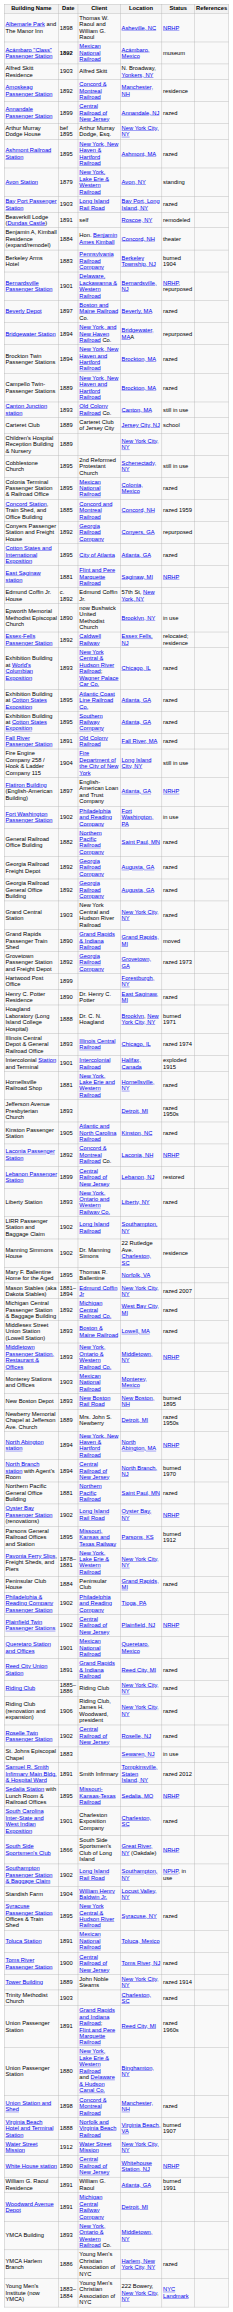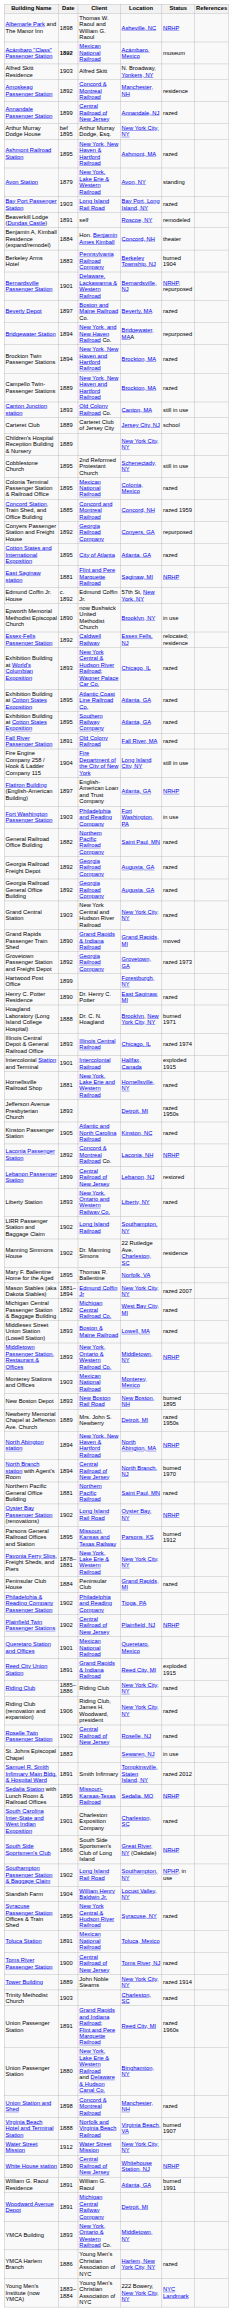 <table class="sortable wikitable" style="width:100%;">
 <tr>
 <th>Building Name</th>
 <th>Date</th>
 <th>Client</th>
 <th>Location</th>
 <th>Status</th>
 <th>References</th>
 </tr>
 <tr>
 <td><a href='#'>Albemarle Park</a> and The Manor Inn</td>
 <td>1898</td>
 <td>Thomas W. Raoul and William G. Raoul</td>
 <td><a href='#'>Asheville, NC</a></td>
 <td><a href='#'>NRHP</a></td>
 <td></td>
 </tr>
 <tr>
 <td><a href='#'>Acámbaro "Class" Passenger Station</a></td>
 <td><strong>1892</strong></td>
 <td><a href='#'>Mexican National Railroad</a></td>
 <td><a href='#'>Acámbaro, Mexico</a></td>
 <td>museum</td>
 <td></td>
 </tr>
 <tr>
 <td>Alfred Skitt Residence</td>
 <td>1903</td>
 <td>Alfred Skitt</td>
 <td>N. Broadway, <a href='#'>Yonkers, NY</a></td>
 <td></td>
 <td></td>
 </tr>
 <tr>
 <td><a href='#'>Amoskeag Passenger Station</a></td>
 <td>1892</td>
 <td><a href='#'>Concord & Montreal Railroad</a></td>
 <td><a href='#'>Manchester, NH</a></td>
 <td>residence</td>
 <td></td>
 </tr>
 <tr>
 <td><a href='#'>Annandale Passenger Station</a></td>
 <td>1899</td>
 <td><a href='#'>Central Railroad of New Jersey</a></td>
 <td><a href='#'>Annandale, NJ</a></td>
 <td>razed</td>
 <td></td>
 </tr>
 <tr>
 <td>Arthur Murray Dodge House</td>
 <td>bef 1895</td>
 <td>Arthur Murray Dodge, Esq.</td>
 <td><a href='#'>New York City, NY</a></td>
 <td></td>
 <td></td>
 </tr>
 <tr>
 <td><a href='#'>Ashmont Railroad Station</a></td>
 <td>1895</td>
 <td><a href='#'>New York, New Haven & Hartford Railroad</a></td>
 <td><a href='#'>Ashmont, MA</a></td>
 <td>razed</td>
 <td></td>
 </tr>
 <tr>
 <td><a href='#'>Avon Station</a></td>
 <td>1879</td>
 <td><a href='#'>New York, Lake Erie & Western Railroad</a></td>
 <td><a href='#'>Avon, NY</a></td>
 <td>standing</td>
 <td></td>
 </tr>
 <tr>
 <td><a href='#'>Bay Port Passenger Station</a></td>
 <td>1903</td>
 <td><a href='#'>Long Island Rail Road</a></td>
 <td><a href='#'>Bay Port, Long Island, NY</a></td>
 <td>razed</td>
 <td></td>
 </tr>
 <tr>
 <td>Beaverkill Lodge (<a href='#'>Dundas Castle</a>)</td>
 <td>1891</td>
 <td>self</td>
 <td><a href='#'>Roscoe, NY</a></td>
 <td>remodeled</td>
 <td></td>
 </tr>
 <tr>
 <td>Benjamin A, Kimball Residence (expand/remodel)</td>
 <td>1884</td>
 <td>Hon. <a href='#'>Benjamin Ames Kimball</a></td>
 <td><a href='#'>Concord, NH</a></td>
 <td>theater</td>
 <td></td>
 </tr>
 <tr>
 <td>Berkeley Arms Hotel</td>
 <td>1883</td>
 <td><a href='#'>Pennsylvania Railroad Company</a></td>
 <td><a href='#'>Berkeley Township, NJ</a></td>
 <td>burned 1904</td>
 <td></td>
 </tr>
 <tr>
 <td><a href='#'>Bernardsville Passenger Station</a></td>
 <td>1901</td>
 <td><a href='#'>Delaware, Lackawanna & Western Railroad</a></td>
 <td><a href='#'>Bernardsville, NJ</a></td>
 <td><a href='#'>NRHP</a>, repurposed</td>
 <td></td>
 </tr>
 <tr>
 <td><a href='#'>Beverly Depot</a></td>
 <td>1897</td>
 <td><a href='#'>Boston and Maine Railroad</a> Co.</td>
 <td><a href='#'>Beverly, MA</a></td>
 <td>razed</td>
 <td></td>
 </tr>
 <tr>
 <td><a href='#'>Bridgewater Station</a></td>
 <td>1894</td>
 <td><a href='#'>New York, and New Haven Railroad</a> Co.</td>
 <td><a href='#'>Bridgewater, MA</a>A</td>
 <td>repurposed</td>
 <td></td>
 </tr>
 <tr>
 <td>Brockton Twin Passenger Stations</td>
 <td>1894</td>
 <td><a href='#'>New York, New Haven and Hartford Railroad</a></td>
 <td><a href='#'>Brockton, MA</a></td>
 <td>razed</td>
 <td></td>
 </tr>
 <tr>
 <td>Campello Twin-Passenger Stations</td>
 <td>1889</td>
 <td><a href='#'>New York, New Haven and Hartford Railroad</a></td>
 <td><a href='#'>Brockton, MA</a></td>
 <td>razed</td>
 <td></td>
 </tr>
 <tr>
 <td><a href='#'>Canton Junction station</a></td>
 <td>1893</td>
 <td><a href='#'>Old Colony Railroad</a> Co.</td>
 <td><a href='#'>Canton, MA</a></td>
 <td>still in use</td>
 <td></td>
 </tr>
 <tr>
 <td>Carteret Club</td>
 <td>1889</td>
 <td>Carteret Club of Jersey City</td>
 <td><a href='#'>Jersey City, NJ</a></td>
 <td>school</td>
 <td></td>
 </tr>
 <tr>
 <td>Children's Hospital Reception Building & Nursery</td>
 <td>1889</td>
 <td></td>
 <td><a href='#'>New York City, NY</a></td>
 <td></td>
 <td></td>
 </tr>
 <tr>
 <td>Cobblestone Church</td>
 <td>1895</td>
 <td>2nd Reformed Protestant Church</td>
 <td><a href='#'>Schenectady, NY</a></td>
 <td>still in use</td>
 <td></td>
 </tr>
 <tr>
 <td>Colonia Terminal Passenger Station & Railroad Office</td>
 <td>1895</td>
 <td><a href='#'>Mexican National Railroad</a></td>
 <td><a href='#'>Colonia, Mexico</a></td>
 <td>razed</td>
 <td></td>
 </tr>
 <tr>
 <td><a href='#'>Concord Station</a>, Train Shed, and Office Building</td>
 <td>1885</td>
 <td><a href='#'>Concord and Montreal Railroad</a></td>
 <td><a href='#'>Concord, NH</a></td>
 <td>razed 1959</td>
 <td></td>
 </tr>
 <tr>
 <td>Conyers Passenger Station and Freight House</td>
 <td>1892</td>
 <td><a href='#'>Georgia Railroad Company</a></td>
 <td><a href='#'>Conyers, GA</a></td>
 <td>repurposed</td>
 <td></td>
 </tr>
 <tr>
 <td><a href='#'>Cotton States and International Exposition</a></td>
 <td>1895</td>
 <td><a href='#'>City of Atlanta</a></td>
 <td><a href='#'>Atlanta, GA</a></td>
 <td>razed</td>
 <td></td>
 </tr>
 <tr>
 <td><a href='#'>East Saginaw station</a></td>
 <td>1881</td>
 <td><a href='#'>Flint and Pere Marquette Railroad</a></td>
 <td><a href='#'>Saginaw, MI</a></td>
 <td><a href='#'>NRHP</a></td>
 <td></td>
 </tr>
 <tr>
 <td>Edmund Coffin Jr. House</td>
 <td>c. 1892</td>
 <td>Edmund Coffin Jr.</td>
 <td>57th St, <a href='#'>New York, NY</a></td>
 <td></td>
 <td></td>
 </tr>
 <tr>
 <td>Epworth Memorial Methodist Episcopal Church</td>
 <td>1890</td>
 <td>now Bushwick United Methodist Church</td>
 <td><a href='#'>Brooklyn, NY</a></td>
 <td>in use</td>
 <td></td>
 </tr>
 <tr>
 <td><a href='#'>Essex-Fells Passenger Station</a></td>
 <td>1892</td>
 <td><a href='#'>Caldwell Railway</a></td>
 <td><a href='#'>Essex Fells, NJ</a></td>
 <td>relocated;<br>residence</td>
 <td></td>
 </tr>
 <tr>
 <td>Exhibition Building at <a href='#'>World's Columbian Exposition</a></td>
 <td>1893</td>
 <td><a href='#'>New York Central & Hudson River Railroad</a>;<br><a href='#'>Wagner Palace Car Co.</a></td>
 <td><a href='#'>Chicago, IL</a></td>
 <td>razed</td>
 <td></td>
 </tr>
 <tr>
 <td>Exhibition Building at <a href='#'>Cotton States Exposition</a></td>
 <td>1895</td>
 <td><a href='#'>Atlantic Coast Line Railroad Co.</a></td>
 <td><a href='#'>Atlanta, GA</a></td>
 <td>razed</td>
 <td></td>
 </tr>
 <tr>
 <td>Exhibition Building at <a href='#'>Cotton States Exposition</a></td>
 <td>1895</td>
 <td><a href='#'>Southern Railway Company</a></td>
 <td><a href='#'>Atlanta, GA</a></td>
 <td>razed</td>
 <td></td>
 </tr>
 <tr>
 <td><a href='#'>Fall River Passenger Station</a></td>
 <td>1891</td>
 <td><a href='#'>Old Colony Railroad</a></td>
 <td><a href='#'>Fall River, MA</a></td>
 <td>razed</td>
 <td></td>
 </tr>
 <tr>
 <td>Fire Engine Company 258 / Hook & Ladder<br>Company 115</td>
 <td>1904</td>
 <td><a href='#'>Fire Department of the City of New York</a></td>
 <td><a href='#'>Long Island City, NY</a></td>
 <td>still in use</td>
 <td></td>
 </tr>
 <tr>
 <td><a href='#'>Flatiron Building</a> (English-American Building)</td>
 <td>1897</td>
 <td>English-American Loan and Trust Company</td>
 <td><a href='#'>Atlanta, GA</a></td>
 <td><a href='#'>NRHP</a></td>
 <td></td>
 </tr>
 <tr>
 <td><a href='#'>Fort Washington Passenger Station</a></td>
-<td>1902</td>
+<td>1903</td>
 <td><a href='#'>Philadelphia and Reading Company</a></td>
 <td><a href='#'>Fort Washington, PA</a></td>
 <td>in use</td>
 <td></td>
 </tr>
 <tr>
 <td>General Railroad Office Building</td>
 <td>1882</td>
 <td><a href='#'>Northern Pacific Railroad Company</a></td>
 <td><a href='#'>Saint Paul, MN</a></td>
 <td>razed</td>
 <td></td>
 </tr>
 <tr>
 <td>Georgia Railroad Freight Depot</td>
 <td>1892</td>
 <td><a href='#'>Georgia Railroad Company</a></td>
 <td><a href='#'>Augusta, GA</a></td>
 <td>razed</td>
 <td></td>
 </tr>
 <tr>
 <td>Georgia Railroad General Office Building</td>
 <td>1892</td>
 <td><a href='#'>Georgia Railroad Company</a></td>
 <td><a href='#'>Augusta, GA</a></td>
 <td>razed</td>
 <td></td>
 </tr>
 <tr>
 <td>Grand Central Station</td>
 <td>1903</td>
 <td>New York Central and Hudson River Railroad</td>
 <td><a href='#'>New York City, NY</a></td>
 <td>razed</td>
 <td></td>
 </tr>
 <tr>
 <td>Grand Rapids Passenger Train Shed</td>
 <td>1890</td>
 <td><a href='#'>Grand Rapids & Indiana Railroad</a></td>
 <td><a href='#'>Grand Rapids, MI</a></td>
 <td>moved</td>
 <td></td>
 </tr>
 <tr>
 <td>Grovetown Passenger Station and Freight Depot</td>
 <td>1892</td>
 <td><a href='#'>Georgia Railroad Company</a></td>
 <td><a href='#'>Grovetown, GA</a></td>
 <td>razed 1973</td>
 <td></td>
 </tr>
 <tr>
 <td>Hartwood Post Office</td>
 <td>1899</td>
 <td></td>
 <td><a href='#'>Forestburgh, NY</a></td>
 <td></td>
 <td></td>
 </tr>
 <tr>
 <td>Henry C. Potter Residence</td>
 <td>1890</td>
 <td>Dr. Henry C. Potter</td>
 <td><a href='#'>East Saginaw, MI</a></td>
 <td>razed</td>
 <td></td>
 </tr>
 <tr>
 <td>Hoagland Laboratory (Long Island College Hospital)</td>
 <td>1888</td>
 <td>Dr. C. N. Hoagland</td>
 <td><a href='#'>Brooklyn</a>, <a href='#'>New York City, NY</a></td>
 <td>burned 1971</td>
 <td></td>
 </tr>
 <tr>
 <td>Illinois Central Depot & General Railroad Office</td>
 <td>1893</td>
 <td><a href='#'>Illinois Central Railroad</a></td>
 <td><a href='#'>Chicago, IL</a></td>
 <td>razed 1974</td>
 <td></td>
 </tr>
 <tr>
 <td>Intercolonial <a href='#'>Station</a> and Terminal</td>
 <td>1901</td>
 <td><a href='#'>Intercolonial Railroad</a></td>
 <td><a href='#'>Halifax, Canada</a></td>
 <td>exploded 1915</td>
 <td></td>
 </tr>
 <tr>
 <td>Hornellsville Railroad Shop</td>
 <td>1881</td>
 <td><a href='#'>New York, Lake Erie and Western Railroad</a></td>
 <td><a href='#'>Hornellsville, NY</a></td>
 <td>razed</td>
 <td></td>
 </tr>
 <tr>
 <td>Jefferson Avenue Presbyterian Church</td>
 <td>1893</td>
 <td></td>
 <td><a href='#'>Detroit, MI</a></td>
 <td>razed 1950s</td>
 <td></td>
 </tr>
 <tr>
 <td>Kinston Passenger Station</td>
 <td>1905</td>
 <td><a href='#'>Atlantic and North Carolina Railroad</a></td>
 <td><a href='#'>Kinston, NC</a></td>
 <td>razed</td>
 <td></td>
 </tr>
 <tr>
 <td><a href='#'>Laconia Passenger Station</a></td>
 <td>1892</td>
 <td><a href='#'>Concord & Montreal Railroad</a> Co.</td>
 <td><a href='#'>Laconia, NH</a></td>
 <td><a href='#'>NRHP</a></td>
 <td></td>
 </tr>
 <tr>
 <td><a href='#'>Lebanon Passenger Station</a></td>
 <td>1899</td>
 <td><a href='#'>Central Railroad of New Jersey</a></td>
 <td><a href='#'>Lebanon, NJ</a></td>
 <td>restored</td>
 <td></td>
 </tr>
 <tr>
 <td>Liberty Station</td>
 <td>1893</td>
 <td><a href='#'>New York, Ontario and Western Railway Co.</a></td>
 <td><a href='#'>Liberty, NY</a></td>
 <td>razed</td>
 <td></td>
 </tr>
 <tr>
 <td>LIRR Passenger Station and Baggage Claim</td>
 <td>1902</td>
 <td><a href='#'>Long Island Railroad</a></td>
 <td><a href='#'>Southampton, NY</a></td>
 <td></td>
 <td></td>
 </tr>
 <tr>
 <td>Manning Simmons House</td>
 <td>1902</td>
 <td>Dr. Manning Simons</td>
 <td>22 Rutledge Ave.<br><a href='#'>Charleston, SC</a></td>
 <td>residence</td>
 <td></td>
 </tr>
 <tr>
 <td>Mary F. Ballentine Home for the Aged</td>
 <td>1895</td>
 <td>Thomas R. Ballentine</td>
 <td><a href='#'>Norfolk, VA</a></td>
 <td></td>
 <td></td>
 </tr>
 <tr>
 <td>Mason Stables (aka Dakota Stables)</td>
 <td>1881–<br>1894</td>
 <td><a href='#'>Edmund Coffin Jr</a></td>
 <td><a href='#'>New York City, NY</a></td>
 <td>razed 2007</td>
 <td></td>
 </tr>
 <tr>
 <td>Michigan Central Passenger Station & Baggage Building</td>
 <td>1892</td>
 <td><a href='#'>Michigan Central Railroad Co.</a></td>
 <td><a href='#'>West Bay City, MI</a></td>
 <td>razed</td>
 <td></td>
 </tr>
 <tr>
 <td>Middlesex Street Union Station (Lowell Station)</td>
 <td>1893</td>
 <td><a href='#'>Boston & Maine Railroad</a></td>
 <td><a href='#'>Lowell, MA</a></td>
 <td>razed</td>
 <td></td>
 </tr>
 <tr>
 <td><a href='#'>Middletown Passenger Station, Restaurant & Offices</a></td>
 <td>1893</td>
 <td><a href='#'>New York, Ontario & Western Railroad Co.</a></td>
 <td><a href='#'>Middletown, NY</a></td>
 <td><a href='#'>NRHP</a></td>
 <td></td>
 </tr>
 <tr>
 <td>Monterey Stations and Offices</td>
 <td>1903</td>
 <td><a href='#'>Mexican National Railroad</a></td>
 <td><a href='#'>Monterey, Mexico</a></td>
 <td></td>
 <td></td>
 </tr>
 <tr>
 <td>New Boston Depot</td>
 <td>1893</td>
 <td><a href='#'>New Boston Rail Road</a></td>
 <td><a href='#'>New Boston, NH</a></td>
 <td>burned 1895</td>
 <td></td>
 </tr>
 <tr>
 <td>Newberry Memorial Chapel at Jefferson Ave. Church</td>
 <td>1889</td>
 <td>Mrs. John S. Newberry</td>
 <td><a href='#'>Detroit, MI</a></td>
 <td>razed 1950s</td>
 <td></td>
 </tr>
 <tr>
 <td><a href='#'>North Abington station</a></td>
 <td>1894</td>
 <td><a href='#'>New York, New Haven & Hartford Railroad</a></td>
 <td><a href='#'>North Abington, MA</a></td>
 <td><a href='#'>NRHP</a></td>
 <td></td>
 </tr>
 <tr>
 <td><a href='#'>North Branch station</a> with Agent's Room</td>
 <td>1894</td>
 <td><a href='#'>Central Railroad of New Jersey</a></td>
 <td><a href='#'>North Branch, NJ</a></td>
 <td>burned 1970</td>
 <td></td>
 </tr>
 <tr>
 <td>Northern Pacific General Office Building</td>
 <td>1881</td>
 <td><a href='#'>Northern Pacific Railroad</a></td>
 <td><a href='#'>Saint Paul, MN</a></td>
 <td>razed</td>
 <td></td>
 </tr>
 <tr>
 <td><a href='#'>Oyster Bay Passenger Station</a> (renovations)</td>
 <td>1902</td>
 <td><a href='#'>Long Island Rail Road</a></td>
 <td><a href='#'>Oyster Bay, NY</a></td>
 <td><a href='#'>NRHP</a></td>
 <td></td>
 </tr>
 <tr>
 <td>Parsons General Railroad Offices and Station</td>
 <td>1895</td>
 <td><a href='#'>Missouri, Kansas and Texas Railway</a></td>
 <td><a href='#'>Parsons, KS</a></td>
 <td>burned 1912</td>
 <td></td>
 </tr>
 <tr>
 <td><a href='#'>Pavonia Ferry Slips</a>, Freight Sheds, and Piers</td>
 <td>1878–<br>1881</td>
 <td><a href='#'>New York, Lake Erie & Western Railroad</a></td>
 <td><a href='#'>New York City, NY</a></td>
 <td></td>
 <td></td>
 </tr>
 <tr>
 <td>Peninsular Club House</td>
 <td>1884</td>
 <td>Peninsular Club</td>
 <td><a href='#'>Grand Rapids, MI</a></td>
 <td>razed</td>
 <td></td>
 </tr>
 <tr>
 <td><a href='#'>Philadelphia & Reading Company Passenger Station</a></td>
 <td>1902</td>
 <td><a href='#'>Philadelphia and Reading Company</a></td>
 <td><a href='#'>Tioga, PA</a></td>
 <td></td>
 <td></td>
 </tr>
 <tr>
 <td><a href='#'>Plainfield Twin Passenger Stations</a></td>
 <td>1902</td>
 <td><a href='#'>Central Railroad of New Jersey</a></td>
 <td><a href='#'>Plainfield, NJ</a></td>
 <td><a href='#'>NRHP</a></td>
 <td></td>
 </tr>
 <tr>
 <td><a href='#'>Queretaro Station and Offices</a></td>
 <td>1901</td>
 <td><a href='#'>Mexican National Railroad</a></td>
 <td><a href='#'>Queretaro, Mexico</a></td>
 <td></td>
 <td></td>
 </tr>
 <tr>
 <td><a href='#'>Reed City Union Station</a></td>
 <td>1891</td>
 <td><a href='#'>Grand Rapids & Indiana Railroad</a></td>
 <td><a href='#'>Reed City, MI</a></td>
-<td>razed</td>
+<td>exploded 1915</td>
 <td></td>
 </tr>
 <tr>
 <td><a href='#'>Riding Club</a></td>
 <td>1885–1886</td>
 <td>Riding Club</td>
 <td><a href='#'>New York City, NY</a></td>
 <td>razed</td>
 <td></td>
 </tr>
 <tr>
 <td>Riding Club (renovation and expansion)</td>
 <td>1906</td>
 <td>Riding Club, James H. Woodward, president</td>
 <td><a href='#'>New York City, NY</a></td>
 <td>razed</td>
 <td></td>
 </tr>
 <tr>
 <td><a href='#'>Roselle Twin Passenger Station</a></td>
 <td>1902</td>
 <td><a href='#'>Central Railroad of New Jersey</a></td>
 <td><a href='#'>Roselle, NJ</a></td>
 <td>razed</td>
 <td></td>
 </tr>
 <tr>
 <td>St. Johns Episcopal Chapel</td>
 <td>1883</td>
 <td></td>
 <td><a href='#'>Sewaren, NJ</a></td>
 <td>in use</td>
 <td></td>
 </tr>
 <tr>
 <td><a href='#'>Samuel R. Smith Infirmary Main Bldg. & Hospital Ward</a></td>
 <td>1891</td>
 <td>Smith Infirmary</td>
 <td><a href='#'>Tompkinsville, Staten</a><br><a href='#'>Island, NY</a></td>
 <td>razed 2012</td>
 <td></td>
 </tr>
 <tr>
 <td><a href='#'>Sedalia Station</a> with Lunch Room & Railroad Offices</td>
 <td>1895</td>
 <td><a href='#'>Missouri-Kansas-Texas Railroad</a></td>
 <td><a href='#'>Sedalia, MO</a></td>
 <td><a href='#'>NRHP</a></td>
 <td></td>
 </tr>
 <tr>
 <td><a href='#'>South Carolina Inter-State and West Indian Exposition</a></td>
 <td>1901</td>
 <td>Charleston Exposition Company</td>
 <td><a href='#'>Charleston, SC</a></td>
 <td>razed</td>
 <td></td>
 </tr>
 <tr>
 <td><a href='#'>South Side Sportsmen's Club</a></td>
 <td>1866</td>
 <td>South Side Sportsmen's Club of Long Island</td>
 <td><a href='#'>Great River, NY</a> (Oakdale)</td>
 <td><a href='#'>NRHP</a></td>
 <td></td>
 </tr>
 <tr>
 <td><a href='#'>Southampton Passenger Station & Baggage Claim</a></td>
 <td>1902</td>
 <td><a href='#'>Long Island Rail Road</a></td>
 <td><a href='#'>Southampton, NY</a></td>
 <td><a href='#'>NPHP</a>, in use</td>
 <td></td>
 </tr>
 <tr>
 <td>Standish Farm</td>
 <td>1904</td>
 <td><a href='#'>William Henry Baldwin Jr.</a></td>
 <td><a href='#'>Locust Valley, NY</a></td>
 <td></td>
 <td></td>
 </tr>
 <tr>
 <td><a href='#'>Syracuse Passenger Station</a> Offices & Train Shed</td>
 <td>1895</td>
 <td><a href='#'>New York Central & Hudson River Railroad</a></td>
 <td><a href='#'>Syracuse, NY</a></td>
 <td>razed</td>
 <td></td>
 </tr>
 <tr>
 <td><a href='#'>Toluca Station</a></td>
 <td>1891</td>
 <td><a href='#'>Mexican National Railroad</a></td>
 <td><a href='#'>Toluca, Mexico</a></td>
 <td></td>
 <td></td>
 </tr>
 <tr>
 <td><a href='#'>Toms River Passenger Station</a></td>
 <td>1900</td>
 <td><a href='#'>Central Railroad of New Jersey</a></td>
 <td><a href='#'>Toms River, NJ</a></td>
 <td>razed</td>
 <td></td>
 </tr>
 <tr>
 <td><a href='#'>Tower Building</a></td>
 <td>1889</td>
 <td>John Noble Stearns</td>
 <td><a href='#'>New York City, NY</a></td>
 <td>razed 1914</td>
 <td></td>
 </tr>
 <tr>
 <td>Trinity Methodist Church</td>
 <td>1903</td>
 <td></td>
 <td><a href='#'>Charleston, SC</a></td>
 <td>razed</td>
 <td></td>
 </tr>
 <tr>
 <td>Union Passenger Station</td>
 <td>1891</td>
 <td><a href='#'>Grand Rapids and Indiana Railroad</a>;<br><a href='#'>Flint and Pere Marquette Railroad</a></td>
 <td><a href='#'>Reed City, MI</a></td>
 <td>razed 1960s</td>
 <td></td>
 </tr>
 <tr>
 <td>Union Passenger Station</td>
 <td>1880</td>
 <td><a href='#'>New York, Lake Erie & Western Railroad</a><br>and <a href='#'>Delaware & Hudson Canal Co.</a></td>
 <td><a href='#'>Binghamton, NY</a></td>
 <td></td>
 <td></td>
 </tr>
 <tr>
 <td><a href='#'>Union Station and Shed</a></td>
 <td>1898</td>
 <td><a href='#'>Concord & Montreal Railroad</a></td>
 <td><a href='#'>Manchester, NH</a></td>
 <td>razed</td>
 <td></td>
 </tr>
 <tr>
 <td><a href='#'>Virginia Beach Hotel and Terminal Station</a></td>
 <td>1888</td>
 <td><a href='#'>Norfolk and Virginia Beach Railroad</a></td>
 <td><a href='#'>Virginia Beach, VA</a></td>
 <td>burned 1907</td>
 <td></td>
 </tr>
 <tr>
 <td><a href='#'>Water Street Mission</a></td>
 <td>1912</td>
 <td><a href='#'>Water Street Mission</a></td>
 <td><a href='#'>New York City, NY</a></td>
 <td></td>
 <td></td>
 </tr>
 <tr>
 <td><a href='#'>White House station</a></td>
 <td>1890</td>
 <td><a href='#'>Central Railroad of New Jersey</a></td>
 <td><a href='#'>Whitehouse Station, NJ</a></td>
 <td><a href='#'>NRHP</a></td>
 <td></td>
 </tr>
 <tr>
 <td>William G. Raoul Residence</td>
 <td>1891</td>
 <td>William G. Raoul</td>
 <td><a href='#'>Atlanta, GA</a></td>
 <td>burned 1991</td>
 <td></td>
 </tr>
 <tr>
 <td><a href='#'>Woodward Avenue Depot</a></td>
 <td>1891</td>
 <td><a href='#'>Michigan Central Railway Company</a></td>
 <td><a href='#'>Detroit, MI</a></td>
 <td></td>
 <td></td>
 </tr>
 <tr>
 <td>YMCA Building</td>
 <td>1893</td>
 <td><a href='#'>New York, Ontario & Western Railroad</a> Co.</td>
 <td><a href='#'>Middletown, NY</a></td>
 <td></td>
 <td></td>
 </tr>
 <tr>
 <td>YMCA Harlem Branch</td>
 <td>1886</td>
 <td>Young Men's Christian Association of NYC</td>
 <td><a href='#'>Harlem, New York City, NY</a></td>
 <td>razed</td>
 <td></td>
 </tr>
 <tr>
 <td>Young Men's Institute (now YMCA)</td>
 <td>1883–1884</td>
 <td>Young Men's Christian Association of NYC</td>
 <td>222 Bowery, <a href='#'>New York City</a>, <a href='#'>NY</a></td>
 <td><a href='#'>NYC Landmark</a></td>
 <td></td>
 </tr>
 </table>
